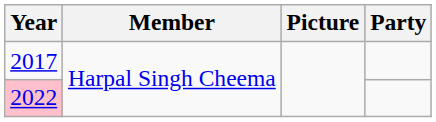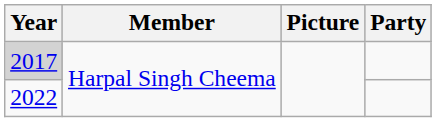 <table class="wikitable sortable">
 <tr>
 <th>Year</th>
 <th>Member</th>
 <th>Picture</th>
 <th colspan="2">Party</th>
 </tr>
 <tr>
-<td><a href='#'>2017</a></td>
+<td style="background: lightgrey;"><a href='#'>2017</a></td>
 <td rowspan=2><a href='#'>Harpal Singh Cheema</a></td>
 <td rowspan=2></td>
 <td></td>
 </tr>
 <tr>
-<td style="background: pink;"><a href='#'>2022</a></td>
+<td><a href='#'>2022</a></td>
 </tr>
 </table>
